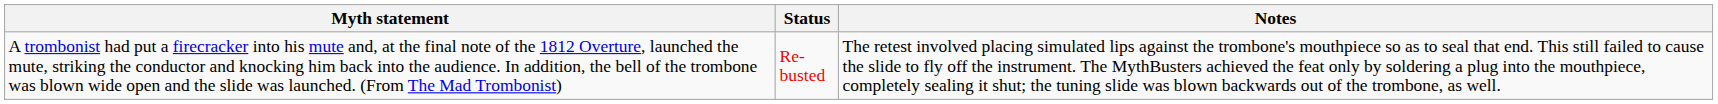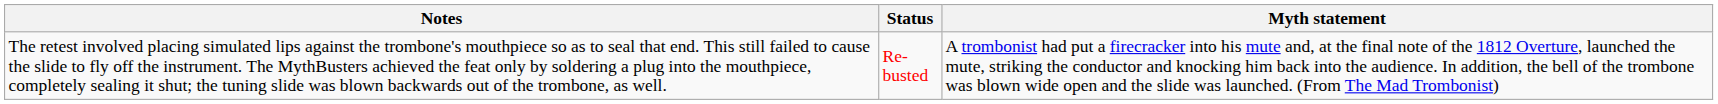 <table class="wikitable plainrowheaders">
 <tr>
+<th>Notes</th>
+<th>Status</th>
 <th>Myth statement</th>
-<th>Status</th>
-<th>Notes</th>
 </tr>
 <tr>
+<td>The retest involved placing simulated lips against the trombone's mouthpiece so as to seal that end. This still failed to cause the slide to fly off the instrument. The MythBusters achieved the feat only by soldering a plug into the mouthpiece, completely sealing it shut; the tuning slide was blown backwards out of the trombone, as well.</td>
+<td style="color:red">Re-busted</td>
 <td>A <a href='#'>trombonist</a> had put a <a href='#'>firecracker</a> into his <a href='#'>mute</a> and, at the final note of the <a href='#'>1812 Overture</a>, launched the mute, striking the conductor and knocking him back into the audience. In addition, the bell of the trombone was blown wide open and the slide was launched. (From <a href='#'>The Mad Trombonist</a>)</td>
-<td style="color:red">Re-busted</td>
-<td>The retest involved placing simulated lips against the trombone's mouthpiece so as to seal that end. This still failed to cause the slide to fly off the instrument. The MythBusters achieved the feat only by soldering a plug into the mouthpiece, completely sealing it shut; the tuning slide was blown backwards out of the trombone, as well.</td>
 </tr>
 </table>
